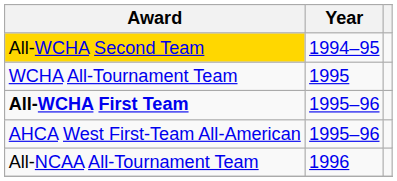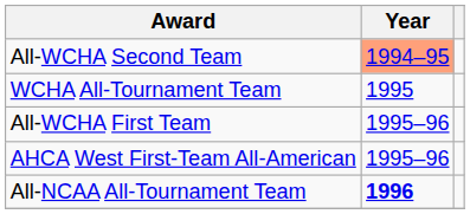 <table class="wikitable">
 <tr>
 <th>Award</th>
 <th>Year</th>
 <th></th>
 </tr>
 <tr>
-<td style="background: gold;">All-<a href='#'>WCHA</a> <a href='#'>Second Team</a></td>
-<td><a href='#'>1994–95</a></td>
+<td>All-<a href='#'>WCHA</a> <a href='#'>Second Team</a></td>
+<td style="background: lightsalmon;"><a href='#'>1994–95</a></td>
 <td></td>
 </tr>
 <tr>
 <td><a href='#'>WCHA</a> <a href='#'>All-Tournament Team</a></td>
 <td><a href='#'>1995</a></td>
 <td></td>
 </tr>
 <tr>
-<td><strong>All-<a href='#'>WCHA</a> <a href='#'>First Team</a></strong></td>
+<td>All-<a href='#'>WCHA</a> <a href='#'>First Team</a></td>
 <td><a href='#'>1995–96</a></td>
 <td></td>
 </tr>
 <tr>
 <td><a href='#'>AHCA</a> <a href='#'>West First-Team All-American</a></td>
 <td><a href='#'>1995–96</a></td>
 <td></td>
 </tr>
 <tr>
 <td>All-<a href='#'>NCAA</a> <a href='#'>All-Tournament Team</a></td>
-<td><a href='#'>1996</a></td>
+<td><strong><a href='#'>1996</a></strong></td>
 <td></td>
 </tr>
 <tr>
 </tr>
 </table>
